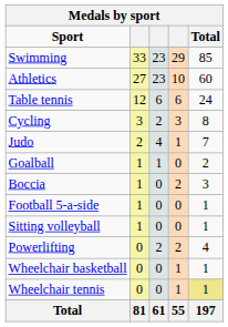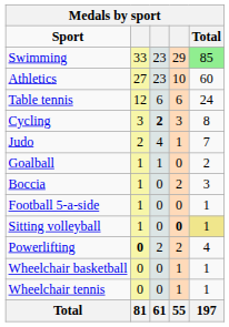 <table class="wikitable" border="1"  style="float:right">
 <tr>
 <th colspan=5><strong>Medals by sport</strong></th>
 </tr>
 <tr align=center>
 <td><strong>Sport</strong></td>
 <th bgcolor=#f7f6a8></th>
 <th bgcolor=#dce5e5></th>
 <th bgcolor=#ffdab9></th>
 <th><strong>Total</strong></th>
 </tr>
 <tr align=center>
 <td align=left><a href='#'>Swimming</a></td>
 <td bgcolor=#f7f6a8>33</td>
 <td bgcolor=#dce5e5>23</td>
 <td bgcolor=#ffdab9>29</td>
-<td>85</td>
+<td style="background: lightgreen;">85</td>
 </tr>
 <tr align=center>
 <td align=left><a href='#'>Athletics</a></td>
 <td bgcolor=#f7f6a8>27</td>
 <td bgcolor=#dce5e5>23</td>
 <td bgcolor=#ffdab9>10</td>
 <td>60</td>
 </tr>
 <tr align=center>
 <td align=left><a href='#'>Table tennis</a></td>
 <td bgcolor=#f7f6a8>12</td>
 <td bgcolor=#dce5e5>6</td>
 <td bgcolor=#ffdab9>6</td>
 <td>24</td>
 </tr>
 <tr align=center>
 <td align=left><a href='#'>Cycling</a></td>
 <td bgcolor=#f7f6a8>3</td>
-<td bgcolor=#dce5e5>2</td>
+<td bgcolor=#dce5e5><strong>2</strong></td>
 <td bgcolor=#ffdab9>3</td>
 <td>8</td>
 </tr>
 <tr align=center>
 <td align=left><a href='#'>Judo</a></td>
 <td bgcolor=#f7f6a8>2</td>
 <td bgcolor=#dce5e5>4</td>
 <td bgcolor=#ffdab9>1</td>
 <td>7</td>
 </tr>
 <tr align=center>
 <td align=left><a href='#'>Goalball</a></td>
 <td bgcolor=#f7f6a8>1</td>
 <td bgcolor=#dce5e5>1</td>
 <td bgcolor=#ffdab9>0</td>
 <td>2</td>
 </tr>
 <tr align=center>
 <td align=left><a href='#'>Boccia</a></td>
 <td bgcolor=#f7f6a8>1</td>
 <td bgcolor=#dce5e5>0</td>
 <td bgcolor=#ffdab9>2</td>
 <td>3</td>
 </tr>
 <tr align=center>
 <td align=left><a href='#'>Football 5-a-side</a></td>
 <td bgcolor=#f7f6a8>1</td>
 <td bgcolor=#dce5e5>0</td>
 <td bgcolor=#ffdab9>0</td>
 <td>1</td>
 </tr>
 <tr align=center>
 <td align=left><a href='#'>Sitting volleyball</a></td>
 <td bgcolor=#f7f6a8>1</td>
 <td bgcolor=#dce5e5>0</td>
-<td bgcolor=#ffdab9>0</td>
-<td>1</td>
+<td bgcolor=#ffdab9><strong>0</strong></td>
+<td style="background: khaki;">1</td>
 </tr>
 <tr align=center>
 <td align=left><a href='#'>Powerlifting</a></td>
-<td bgcolor=#f7f6a8>0</td>
+<td bgcolor=#f7f6a8><strong>0</strong></td>
 <td bgcolor=#dce5e5>2</td>
 <td bgcolor=#ffdab9>2</td>
 <td>4</td>
 </tr>
 <tr align=center>
 <td align=left><a href='#'>Wheelchair basketball</a></td>
 <td bgcolor=#f7f6a8>0</td>
 <td bgcolor=#dce5e5>0</td>
 <td bgcolor=#ffdab9>1</td>
 <td>1</td>
 </tr>
 <tr align=center>
 <td align=left><a href='#'>Wheelchair tennis</a></td>
 <td bgcolor=#f7f6a8>0</td>
 <td bgcolor=#dce5e5>0</td>
 <td bgcolor=#ffdab9>1</td>
-<td style="background: khaki;">1</td>
+<td>1</td>
 </tr>
 <tr align=center>
 <th bgcolor=#efefef><strong>Total</strong></th>
 <th bgcolor=#f7f6a8>81</th>
 <th bgcolor=#dce5e5>61</th>
 <th bgcolor=#ffdab9>55</th>
 <th>197</th>
 </tr>
 </table>
